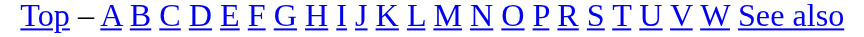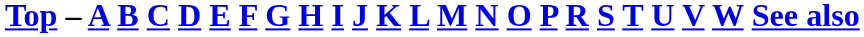 <table border="0" align="center" class="toccolours">
 <tr>
 <th></th>
 </tr>
 <tr>
-<td align="center"><br><a href='#'>Top</a> – <a href='#'>A</a> <a href='#'>B</a> <a href='#'>C</a> <a href='#'>D</a> <a href='#'>E</a> <a href='#'>F</a> <a href='#'>G</a> <a href='#'>H</a> <a href='#'>I</a> <a href='#'>J</a> <a href='#'>K</a> <a href='#'>L</a> <a href='#'>M</a> <a href='#'>N</a> <a href='#'>O</a> <a href='#'>P</a> <a href='#'>R</a> <a href='#'>S</a> <a href='#'>T</a> <a href='#'>U</a> <a href='#'>V</a> <a href='#'>W</a> <a href='#'>See also</a></td>
+<td align="center"><strong><br><a href='#'>Top</a> – <a href='#'>A</a> <a href='#'>B</a> <a href='#'>C</a> <a href='#'>D</a> <a href='#'>E</a> <a href='#'>F</a> <a href='#'>G</a> <a href='#'>H</a> <a href='#'>I</a> <a href='#'>J</a> <a href='#'>K</a> <a href='#'>L</a> <a href='#'>M</a> <a href='#'>N</a> <a href='#'>O</a> <a href='#'>P</a> <a href='#'>R</a> <a href='#'>S</a> <a href='#'>T</a> <a href='#'>U</a> <a href='#'>V</a> <a href='#'>W</a> <a href='#'>See also</a></strong></td>
 </tr>
 </table>
